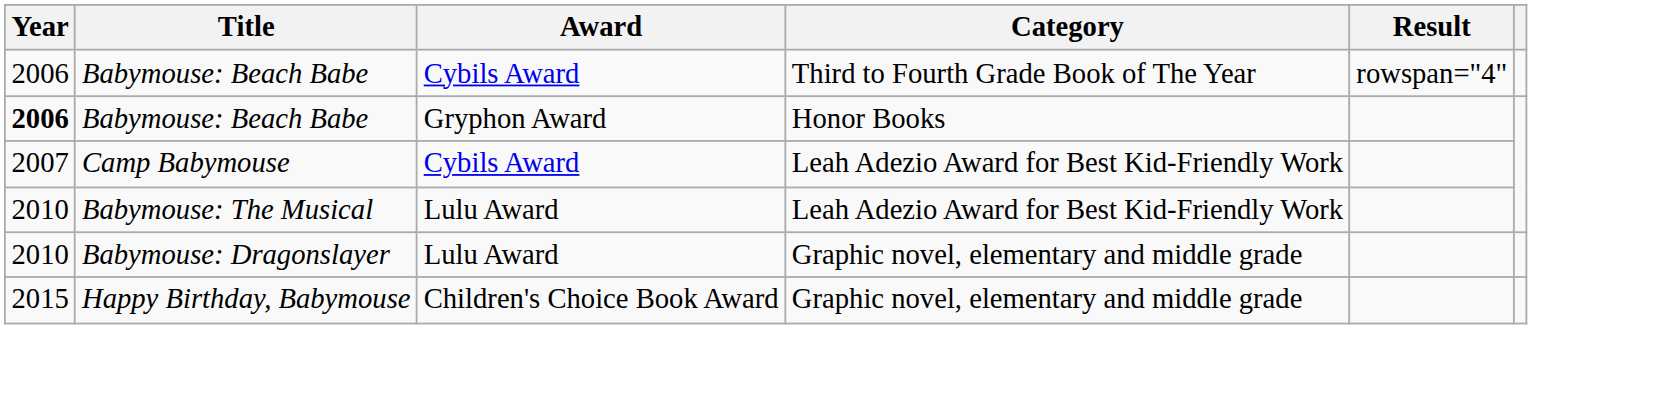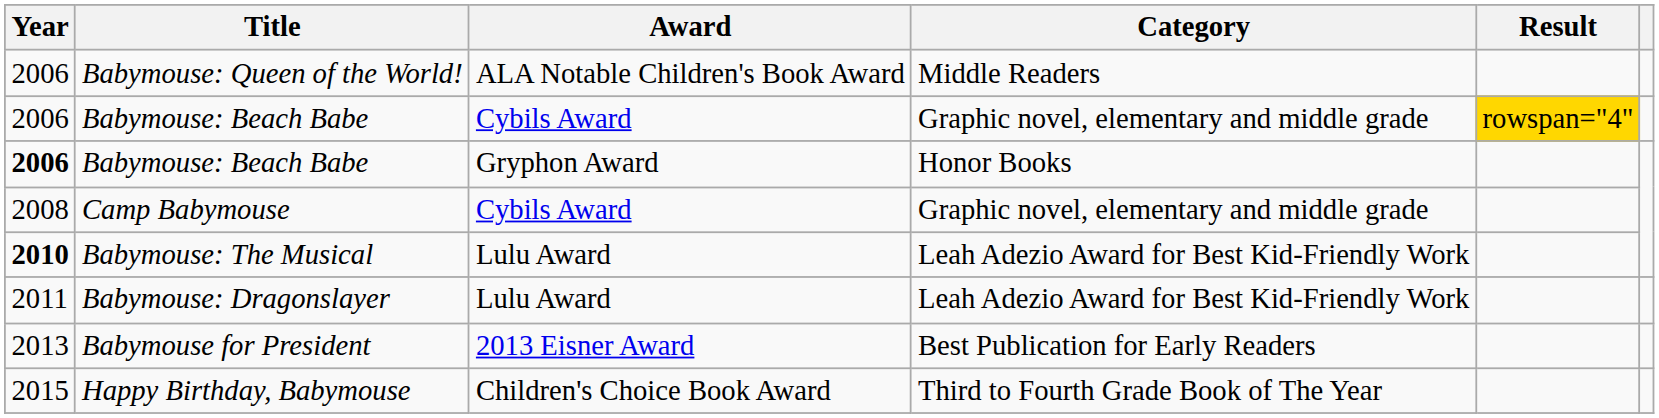 <table class="wikitable sortable">
 <tr>
 <th>Year</th>
 <th>Title</th>
 <th>Award</th>
 <th>Category</th>
 <th>Result</th>
 <th></th>
 </tr>
 <tr>
 <td>2006</td>
+<td><em>Babymouse: Queen of the World!</em></td>
+<td>ALA Notable Children's Book Award</td>
+<td>Middle Readers</td>
+<td></td>
+<td></td>
+</tr>
+<tr>
+<td>2006</td>
 <td><em>Babymouse: Beach Babe</em></td>
 <td><a href='#'>Cybils Award</a></td>
-<td>Third to Fourth Grade Book of The Year</td>
-<td>rowspan="4" </td>
+<td>Graphic novel, elementary and middle grade</td>
+<td style="background: gold;">rowspan="4" </td>
 <td></td>
 </tr>
 <tr>
 <td><strong>2006</strong></td>
 <td><em>Babymouse: Beach Babe</em></td>
 <td>Gryphon Award</td>
 <td>Honor Books</td>
 <td></td>
 </tr>
 <tr>
-<td>2007</td>
+<td>2008</td>
 <td><em>Camp Babymouse</em></td>
 <td><a href='#'>Cybils Award</a></td>
-<td>Leah Adezio Award for Best Kid-Friendly Work</td>
+<td>Graphic novel, elementary and middle grade</td>
 <td></td>
 </tr>
 <tr>
-<td>2010</td>
+<td><strong>2010</strong></td>
 <td><em>Babymouse: The Musical</em></td>
 <td>Lulu Award</td>
 <td>Leah Adezio Award for Best Kid-Friendly Work</td>
 <td></td>
 </tr>
 <tr>
-<td>2010</td>
+<td>2011</td>
 <td><em>Babymouse: Dragonslayer</em></td>
 <td>Lulu Award</td>
-<td>Graphic novel, elementary and middle grade</td>
+<td>Leah Adezio Award for Best Kid-Friendly Work</td>
+<td></td>
+<td></td>
+</tr>
+<tr>
+<td>2013</td>
+<td><em>Babymouse for President</em></td>
+<td><a href='#'>2013 Eisner Award</a></td>
+<td>Best Publication for Early Readers</td>
 <td></td>
 <td></td>
 </tr>
 <tr>
 <td>2015</td>
 <td><em>Happy Birthday, Babymouse</em></td>
 <td>Children's Choice Book Award</td>
-<td>Graphic novel, elementary and middle grade</td>
+<td>Third to Fourth Grade Book of The Year</td>
 <td></td>
 <td></td>
 </tr>
 </table>
